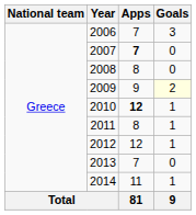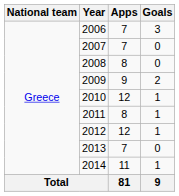 <table class="wikitable" style="text-align:center">
 <tr>
 <th>National team</th>
 <th>Year</th>
 <th>Apps</th>
 <th>Goals</th>
 </tr>
 <tr>
 <td rowspan="9"><a href='#'>Greece</a></td>
 <td>2006</td>
 <td>7</td>
 <td>3</td>
 </tr>
 <tr>
 <td>2007</td>
-<td><strong>7</strong></td>
+<td>7</td>
 <td>0</td>
 </tr>
 <tr>
 <td>2008</td>
 <td>8</td>
 <td>0</td>
 </tr>
 <tr>
 <td>2009</td>
 <td>9</td>
-<td style="background: lightyellow;">2</td>
+<td>2</td>
 </tr>
 <tr>
 <td>2010</td>
-<td><strong>12</strong></td>
+<td>12</td>
 <td>1</td>
 </tr>
 <tr>
 <td>2011</td>
 <td>8</td>
 <td>1</td>
 </tr>
 <tr>
 <td>2012</td>
 <td>12</td>
 <td>1</td>
 </tr>
 <tr>
 <td>2013</td>
 <td>7</td>
 <td>0</td>
 </tr>
 <tr>
 <td>2014</td>
 <td>11</td>
 <td>1</td>
 </tr>
 <tr>
 <th colspan="2">Total</th>
 <th>81</th>
 <th>9</th>
 </tr>
 </table>
